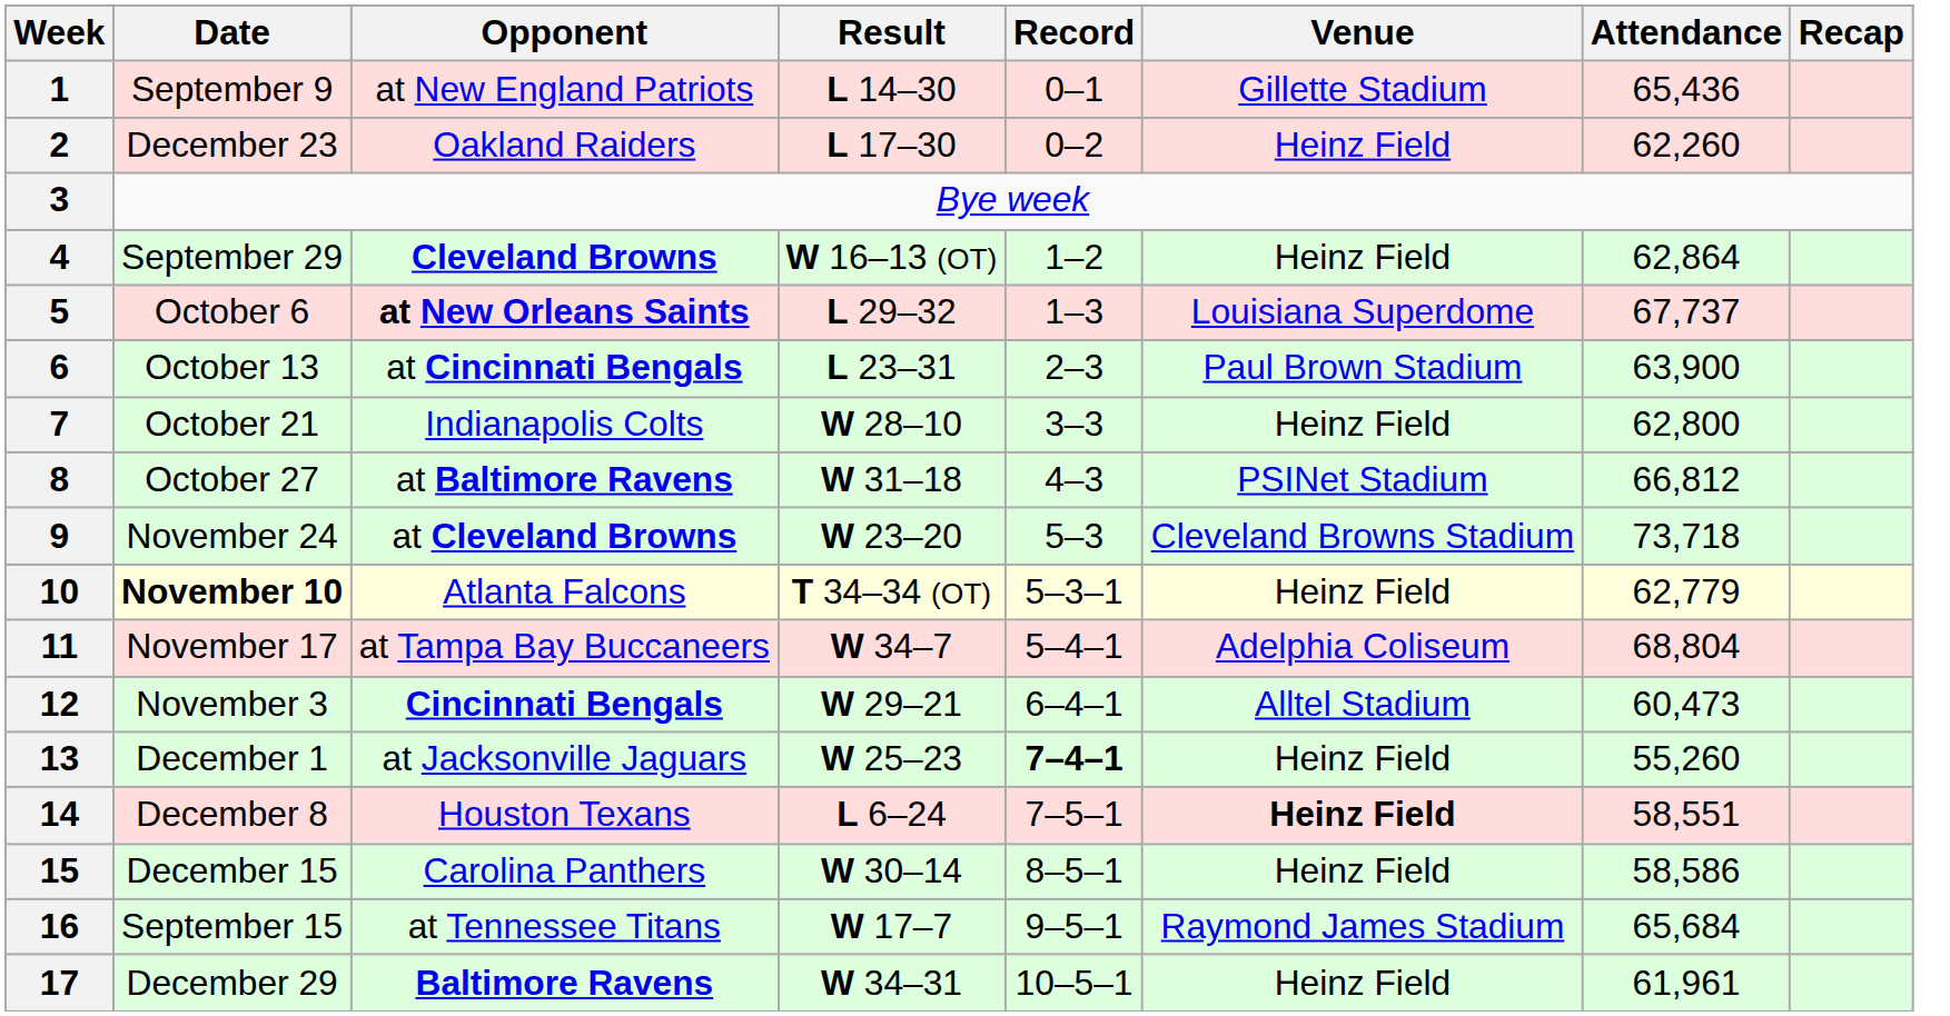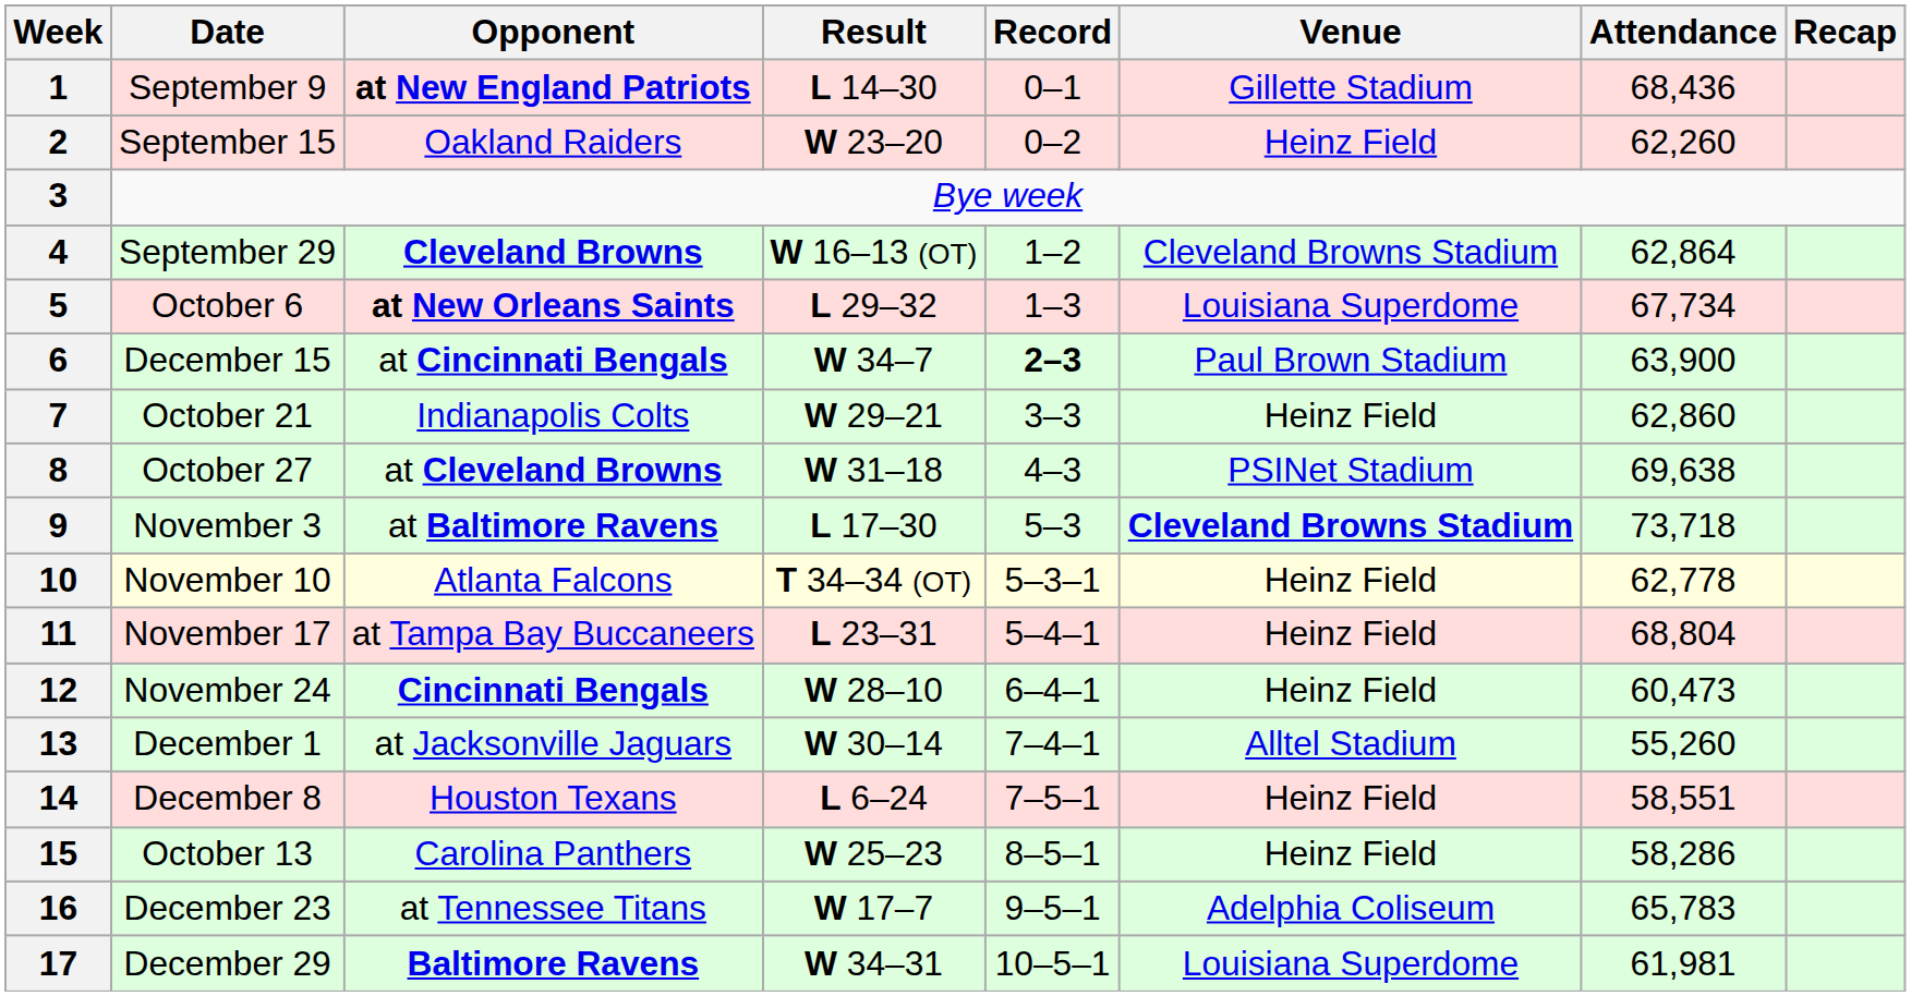 <table class="wikitable" style="text-align:center">
 <tr>
 <th>Week</th>
 <th>Date</th>
 <th>Opponent</th>
 <th>Result</th>
 <th>Record</th>
 <th>Venue</th>
 <th>Attendance</th>
 <th>Recap</th>
 </tr>
 <tr style="background:#ffdddd">
 <th>1</th>
 <td>September 9</td>
-<td>at <a href='#'>New England Patriots</a></td>
+<td><strong>at <a href='#'>New England Patriots</a></strong></td>
 <td><strong>L</strong> 14–30</td>
 <td>0–1</td>
 <td><a href='#'>Gillette Stadium</a></td>
-<td>65,436</td>
+<td>68,436</td>
 <td></td>
 </tr>
 <tr style="background:#ffdddd">
 <th>2</th>
-<td>December 23</td>
+<td>September 15</td>
 <td><a href='#'>Oakland Raiders</a></td>
-<td><strong>L</strong> 17–30</td>
+<td><strong>W</strong> 23–20</td>
 <td>0–2</td>
 <td><a href='#'>Heinz Field</a></td>
 <td>62,260</td>
 <td></td>
 </tr>
 <tr>
 <th>3</th>
 <td colspan="7"><em><a href='#'>Bye week</a></em></td>
 </tr>
 <tr style="background:#ddffdd">
 <th>4</th>
 <td>September 29</td>
 <td><strong><a href='#'>Cleveland Browns</a></strong></td>
 <td><strong>W</strong> 16–13 <small>(OT)</small></td>
 <td>1–2</td>
-<td>Heinz Field</td>
+<td><a href='#'>Cleveland Browns Stadium</a></td>
 <td>62,864</td>
 <td></td>
 </tr>
 <tr style="background:#ffdddd">
 <th>5</th>
 <td>October 6</td>
 <td><strong>at <a href='#'>New Orleans Saints</a></strong></td>
 <td><strong>L</strong> 29–32</td>
 <td>1–3</td>
 <td><a href='#'>Louisiana Superdome</a></td>
-<td>67,737</td>
+<td>67,734</td>
 <td></td>
 </tr>
 <tr style="background:#ddffdd">
 <th>6</th>
-<td>October 13</td>
+<td>December 15</td>
 <td>at <strong><a href='#'>Cincinnati Bengals</a></strong></td>
-<td><strong>L</strong> 23–31</td>
-<td>2–3</td>
+<td><strong>W</strong> 34–7</td>
+<td><strong>2–3</strong></td>
 <td><a href='#'>Paul Brown Stadium</a></td>
 <td>63,900</td>
 <td></td>
 </tr>
 <tr style="background:#ddffdd">
 <th>7</th>
 <td>October 21</td>
 <td><a href='#'>Indianapolis Colts</a></td>
-<td><strong>W</strong> 28–10</td>
+<td><strong>W</strong> 29–21</td>
 <td>3–3</td>
 <td>Heinz Field</td>
-<td>62,800</td>
+<td>62,860</td>
 <td></td>
 </tr>
 <tr style="background:#ddffdd">
 <th>8</th>
 <td>October 27</td>
-<td>at <strong><a href='#'>Baltimore Ravens</a></strong></td>
+<td>at <strong><a href='#'>Cleveland Browns</a></strong></td>
 <td><strong>W</strong> 31–18</td>
 <td>4–3</td>
 <td><a href='#'>PSINet Stadium</a></td>
-<td>66,812</td>
+<td>69,638</td>
 <td></td>
 </tr>
 <tr style="background:#ddffdd">
 <th>9</th>
-<td>November 24</td>
-<td>at <strong><a href='#'>Cleveland Browns</a></strong></td>
-<td><strong>W</strong> 23–20</td>
+<td>November 3</td>
+<td>at <strong><a href='#'>Baltimore Ravens</a></strong></td>
+<td><strong>L</strong> 17–30</td>
 <td>5–3</td>
-<td><a href='#'>Cleveland Browns Stadium</a></td>
+<td><strong><a href='#'>Cleveland Browns Stadium</a></strong></td>
 <td>73,718</td>
 <td></td>
 </tr>
 <tr style="background:#ffffdd">
 <th>10</th>
-<td><strong>November 10</strong></td>
+<td>November 10</td>
 <td><a href='#'>Atlanta Falcons</a></td>
 <td><strong>T</strong> 34–34 <small>(OT)</small></td>
 <td>5–3–1</td>
 <td>Heinz Field</td>
-<td>62,779</td>
+<td>62,778</td>
 <td></td>
 </tr>
 <tr style="background:#ffdddd">
 <th>11</th>
 <td>November 17</td>
 <td>at <a href='#'>Tampa Bay Buccaneers</a></td>
-<td><strong>W</strong> 34–7</td>
+<td><strong>L</strong> 23–31</td>
 <td>5–4–1</td>
-<td><a href='#'>Adelphia Coliseum</a></td>
+<td>Heinz Field</td>
 <td>68,804</td>
 <td></td>
 </tr>
 <tr style="background:#ddffdd">
 <th>12</th>
-<td>November 3</td>
+<td>November 24</td>
 <td><strong><a href='#'>Cincinnati Bengals</a></strong></td>
-<td><strong>W</strong> 29–21</td>
+<td><strong>W</strong> 28–10</td>
 <td>6–4–1</td>
-<td><a href='#'>Alltel Stadium</a></td>
+<td>Heinz Field</td>
 <td>60,473</td>
 <td></td>
 </tr>
 <tr style="background:#ddffdd">
 <th>13</th>
 <td>December 1</td>
 <td>at <a href='#'>Jacksonville Jaguars</a></td>
-<td><strong>W</strong> 25–23</td>
-<td><strong>7–4–1</strong></td>
-<td>Heinz Field</td>
+<td><strong>W</strong> 30–14</td>
+<td>7–4–1</td>
+<td><a href='#'>Alltel Stadium</a></td>
 <td>55,260</td>
 <td></td>
 </tr>
 <tr style="background:#ffdddd">
 <th>14</th>
 <td>December 8</td>
 <td><a href='#'>Houston Texans</a></td>
 <td><strong>L</strong> 6–24</td>
 <td>7–5–1</td>
-<td><strong>Heinz Field</strong></td>
+<td>Heinz Field</td>
 <td>58,551</td>
 <td></td>
 </tr>
 <tr style="background:#ddffdd">
 <th>15</th>
-<td>December 15</td>
+<td>October 13</td>
 <td><a href='#'>Carolina Panthers</a></td>
-<td><strong>W</strong> 30–14</td>
+<td><strong>W</strong> 25–23</td>
 <td>8–5–1</td>
 <td>Heinz Field</td>
-<td>58,586</td>
+<td>58,286</td>
 <td></td>
 </tr>
 <tr style="background:#ddffdd">
 <th>16</th>
-<td>September 15</td>
+<td>December 23</td>
 <td>at <a href='#'>Tennessee Titans</a></td>
 <td><strong>W</strong> 17–7</td>
 <td>9–5–1</td>
-<td><a href='#'>Raymond James Stadium</a></td>
-<td>65,684</td>
+<td><a href='#'>Adelphia Coliseum</a></td>
+<td>65,783</td>
 <td></td>
 </tr>
 <tr style="background:#ddffdd">
 <th>17</th>
 <td>December 29</td>
 <td><strong><a href='#'>Baltimore Ravens</a></strong></td>
 <td><strong>W</strong> 34–31</td>
 <td>10–5–1</td>
-<td>Heinz Field</td>
-<td>61,961</td>
+<td><a href='#'>Louisiana Superdome</a></td>
+<td>61,981</td>
 <td></td>
 </tr>
 </table>
